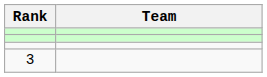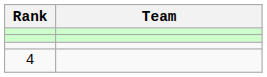 <table class="wikitable" style="text-align:center">
 <tr>
 <th width=40>Rank</th>
 <th width=180>Team</th>
 </tr>
 <tr bgcolor=#ccffcc>
 <td></td>
 <td style="text-align:left"></td>
 </tr>
 <tr bgcolor=#ccffcc>
 <td></td>
 <td style="text-align:left"></td>
 </tr>
 <tr>
 <td></td>
 <td style="text-align:left"></td>
 </tr>
 <tr>
-<td>3</td>
+<td>4</td>
 <td style="text-align:left"></td>
 </tr>
 </table>
